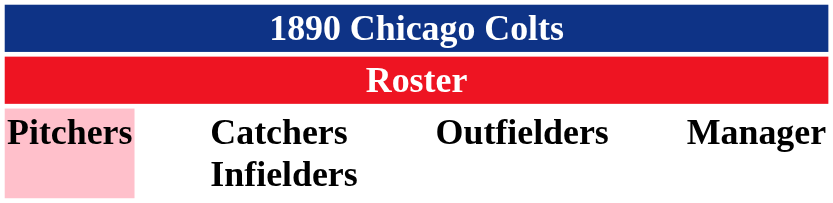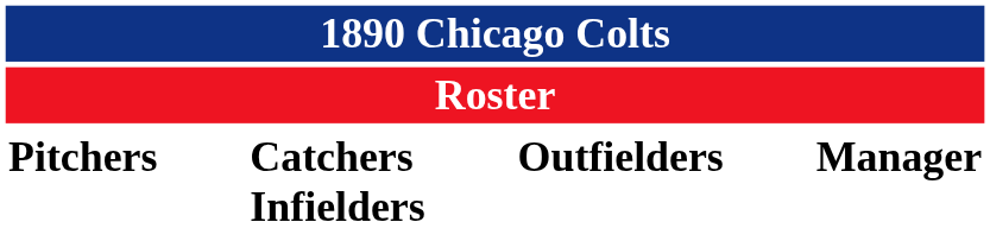 <table class="toccolours" style="font-size: 95%;">
 <tr>
 <th colspan="10" style="background-color: #0e3386; color: white; text-align: center;">1890 Chicago Colts</th>
 </tr>
 <tr>
 <td colspan="10" style="background-color: #EE1422; color: white; text-align: center;"><strong>Roster</strong></td>
 </tr>
 <tr>
-<td valign="top" style="background: pink;"><strong>Pitchers</strong><br>        </td>
+<td valign="top"><strong>Pitchers</strong><br>        </td>
 <td width="25px"></td>
 <td valign="top"><strong>Catchers</strong><br>    <strong>Infielders</strong>       </td>
 <td width="25px"></td>
 <td valign="top"><strong>Outfielders</strong><br>      </td>
 <td width="25px"></td>
 <td valign="top"><strong>Manager</strong><br></td>
 </tr>
 <tr>
 </tr>
 </table>
